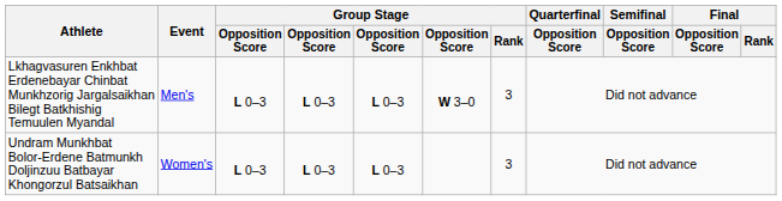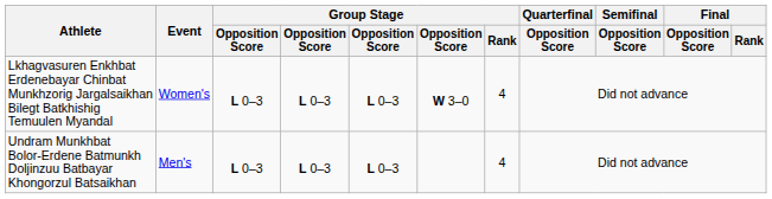 <table class=wikitable style=font-size:90%;text-align:center>
 <tr>
 <th rowspan="2">Athlete</th>
 <th rowspan="2">Event</th>
 <th colspan="5">Group Stage</th>
 <th>Quarterfinal</th>
 <th>Semifinal</th>
 <th colspan="2">Final</th>
 </tr>
 <tr style="font-size:95%">
 <th>Opposition<br>Score</th>
 <th>Opposition<br>Score</th>
 <th>Opposition<br>Score</th>
 <th>Opposition<br>Score</th>
 <th>Rank</th>
 <th>Opposition<br>Score</th>
 <th>Opposition<br>Score</th>
 <th>Opposition<br>Score</th>
 <th>Rank</th>
 </tr>
 <tr>
 <td align=left>Lkhagvasuren Enkhbat<br>Erdenebayar Chinbat<br>Munkhzorig Jargalsaikhan<br>Bilegt Batkhishig<br>Temuulen Myandal</td>
+<td align=left><a href='#'>Women's</a></td>
+<td><br><strong>L</strong> 0–3</td>
+<td><br><strong>L</strong> 0–3</td>
+<td><br><strong>L</strong> 0–3</td>
+<td><br><strong>W</strong> 3–0</td>
+<td>4</td>
+<td colspan=4>Did not advance</td>
+</tr>
+<tr>
+<td align=left>Undram Munkhbat<br>Bolor-Erdene Batmunkh<br>Doljinzuu Batbayar<br>Khongorzul Batsaikhan</td>
 <td align=left><a href='#'>Men's</a></td>
 <td><br><strong>L</strong> 0–3</td>
 <td><br><strong>L</strong> 0–3</td>
 <td><br><strong>L</strong> 0–3</td>
-<td><br><strong>W</strong> 3–0</td>
-<td>3</td>
-<td colspan=4>Did not advance</td>
-</tr>
-<tr>
-<td align=left>Undram Munkhbat<br>Bolor-Erdene Batmunkh<br>Doljinzuu Batbayar<br>Khongorzul Batsaikhan</td>
-<td align=left><a href='#'>Women's</a></td>
-<td><br><strong>L</strong> 0–3</td>
-<td><br><strong>L</strong> 0–3</td>
-<td><br><strong>L</strong> 0–3</td>
 <td></td>
-<td>3</td>
+<td>4</td>
 <td colspan=4>Did not advance</td>
 </tr>
 </table>
